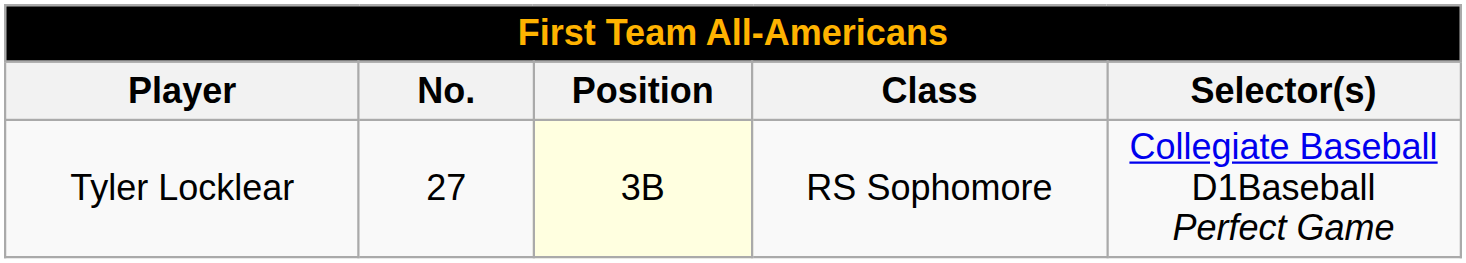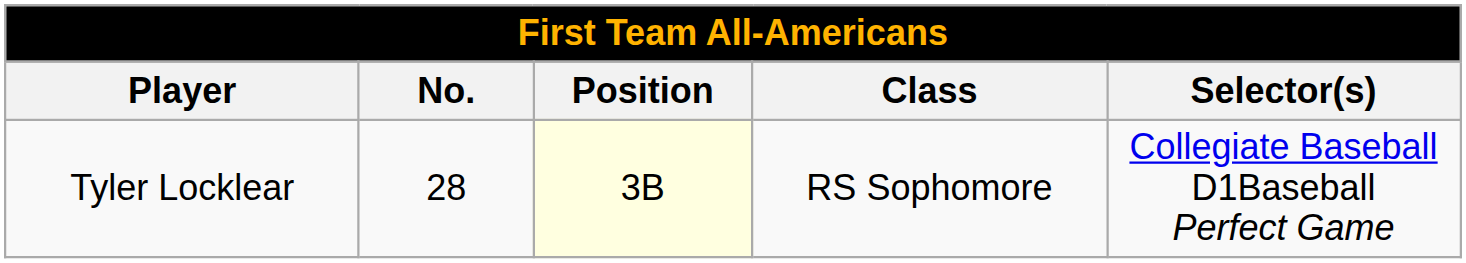 <table class="wikitable" style="text-align:center">
 <tr>
 <td colspan="5" style= "background: #000000; color:#FFB300"><strong>First Team All-Americans</strong></td>
 </tr>
 <tr>
 <th style="width:150px; ">Player</th>
 <th style="width:70px; ">No.</th>
 <th style="width:90px; ">Position</th>
 <th style="width:150px; ">Class</th>
 <th style="width:150px; ">Selector(s)</th>
 </tr>
 <tr>
 <td>Tyler Locklear</td>
-<td>27</td>
+<td>28</td>
 <td style="background: lightyellow;">3B</td>
 <td>RS Sophomore</td>
 <td><a href='#'>Collegiate Baseball</a><br>D1Baseball<br><em>Perfect Game</em></td>
 </tr>
 </table>
